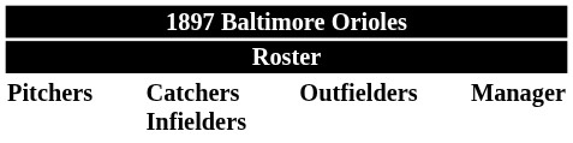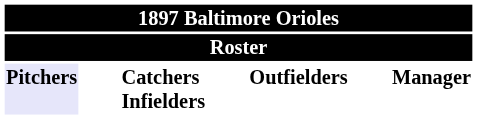 <table class="toccolours" style="font-size: 95%;">
 <tr>
 <th colspan="10" style="background-color: black; color: white; text-align: center;">1897 Baltimore Orioles</th>
 </tr>
 <tr>
 <td colspan="10" style="background-color: black; color: white; text-align: center;"><strong>Roster</strong></td>
 </tr>
 <tr>
-<td valign="top"><strong>Pitchers</strong><br>       </td>
+<td valign="top" style="background: lavender;"><strong>Pitchers</strong><br>       </td>
 <td width="25px"></td>
 <td valign="top"><strong>Catchers</strong><br>   <strong>Infielders</strong>      </td>
 <td width="25px"></td>
 <td valign="top"><strong>Outfielders</strong><br>  </td>
 <td width="25px"></td>
 <td valign="top"><strong>Manager</strong><br></td>
 </tr>
 </table>
